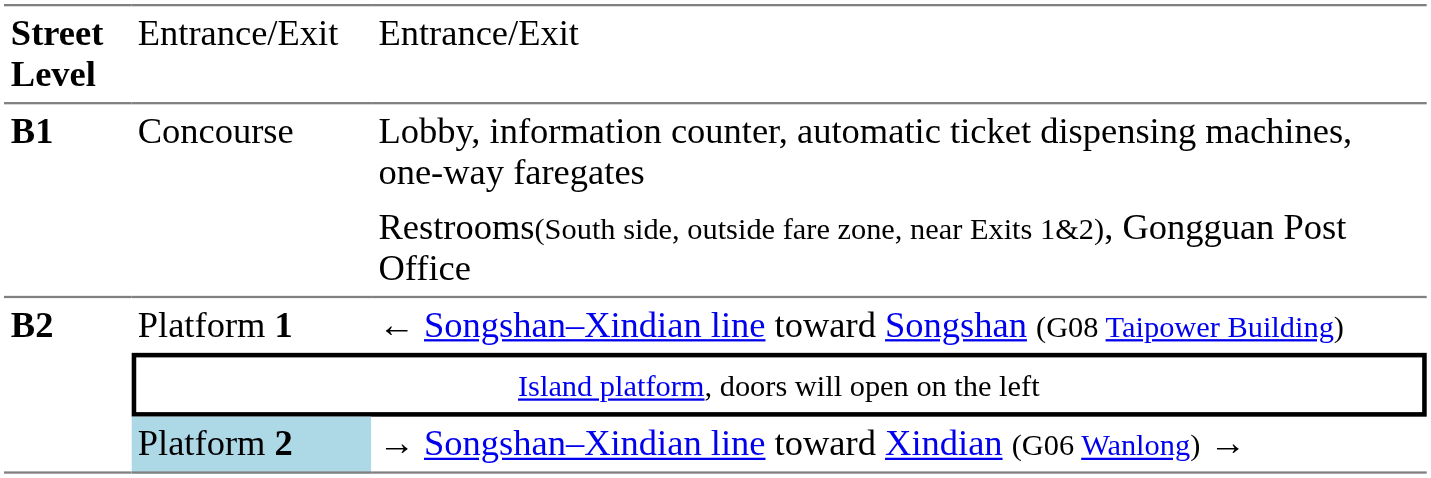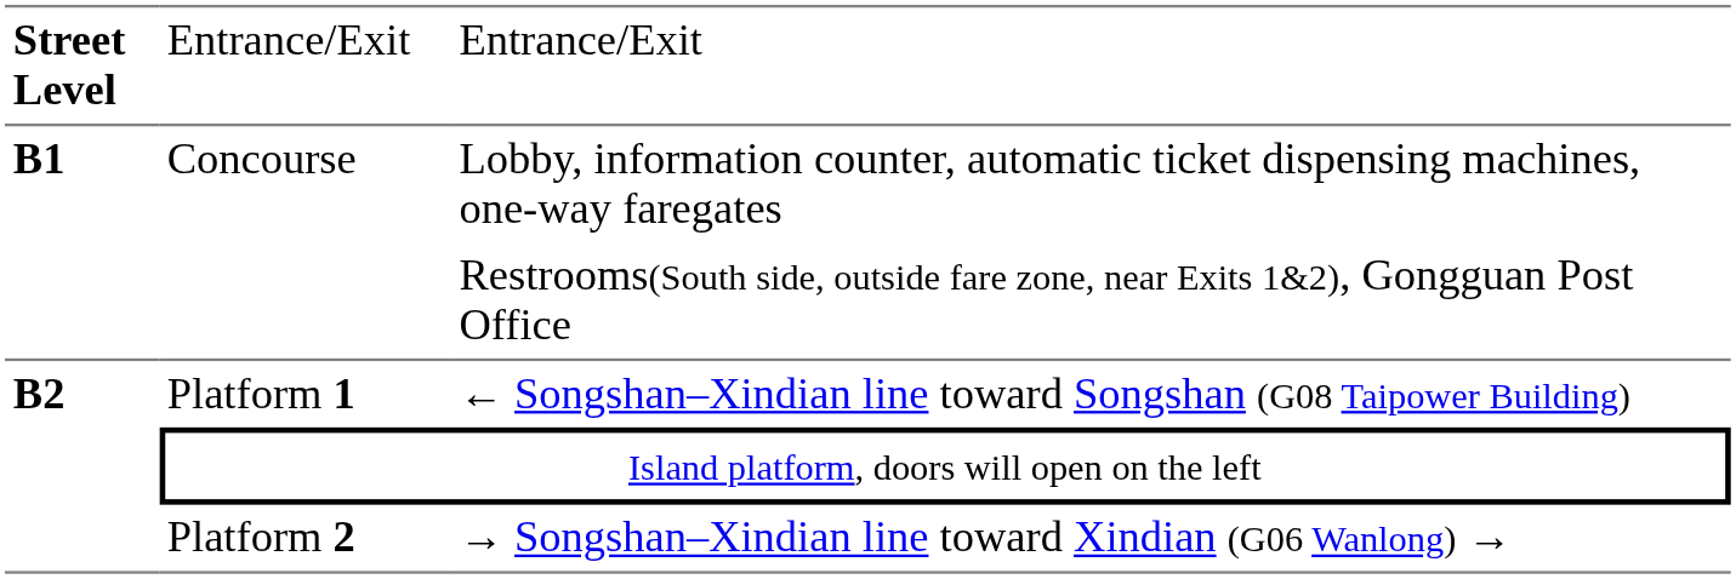 <table table border=0 cellspacing=0 cellpadding=3>
 <tr>
 <td style="border-bottom:solid 1px gray;border-top:solid 1px gray;" width=50 valign=top><strong>Street Level</strong></td>
 <td style="border-top:solid 1px gray;border-bottom:solid 1px gray;" width=100 valign=top>Entrance/Exit</td>
 <td style="border-top:solid 1px gray;border-bottom:solid 1px gray;" width=470 valign=top>Entrance/Exit</td>
 </tr>
 <tr>
 <td style="border-bottom:solid 1px gray;" rowspan=2 valign=top><strong>B1</strong></td>
 <td style="border-bottom:solid 1px gray;" rowspan=2 valign=top>Concourse</td>
 <td width=390>Lobby, information counter, automatic ticket dispensing machines, one-way faregates</td>
 </tr>
 <tr>
 <td style="border-bottom:solid 1px gray;">Restrooms<small>(South side, outside fare zone, near Exits 1&2)</small>, Gongguan Post Office</td>
 </tr>
 <tr>
 <td style="border-bottom:solid 1px gray;" rowspan=3 valign=top><strong>B2</strong></td>
 <td>Platform <span><strong>1</strong></span></td>
 <td>←  <a href='#'>Songshan–Xindian line</a> toward <a href='#'>Songshan</a> <small>(G08 <a href='#'>Taipower Building</a>)</small></td>
 </tr>
 <tr>
 <td style="border-top:solid 2px black;border-right:solid 2px black;border-left:solid 2px black;border-bottom:solid 2px black;text-align:center;" colspan=2><small><a href='#'>Island platform</a>, doors will open on the left</small></td>
 </tr>
 <tr>
-<td style="background: lightblue; border-bottom:solid 1px gray;">Platform <span><strong>2</strong></span></td>
+<td style="border-bottom:solid 1px gray;">Platform <span><strong>2</strong></span></td>
 <td style="border-bottom:solid 1px gray;"><span>→</span>  <a href='#'>Songshan–Xindian line</a> toward <a href='#'>Xindian</a> <small>(G06 <a href='#'>Wanlong</a>)</small> →</td>
 </tr>
 </table>
